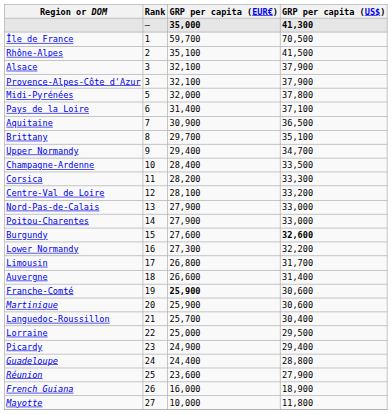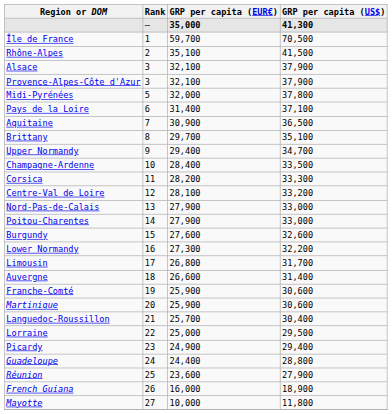 <table class="wikitable sortable">
 <tr align=center valign=middle>
 <th>Region or <em>DOM</em></th>
 <th data-sort-type="number">Rank</th>
 <th data-sort-type="number">GRP per capita (<a href='#'>EUR€</a>)</th>
 <th data-sort-type="number">GRP per capita (<a href='#'>US$</a>)</th>
 </tr>
 <tr style="background:#e6e6e6">
 <td align=left><strong></strong></td>
 <td>—</td>
 <td><strong>35,000</strong></td>
 <td><strong>41,300</strong></td>
 </tr>
 <tr>
 <td align=left> <a href='#'>Île de France</a></td>
 <td>1</td>
 <td>59,700</td>
 <td>70,500</td>
 </tr>
 <tr>
 <td align=left> <a href='#'>Rhône-Alpes</a></td>
 <td>2</td>
 <td>35,100</td>
 <td>41,500</td>
 </tr>
 <tr>
 <td align=left> <a href='#'>Alsace</a></td>
 <td>3</td>
 <td>32,100</td>
 <td>37,900</td>
 </tr>
 <tr>
 <td align=left> <a href='#'>Provence-Alpes-Côte d'Azur</a></td>
 <td>3</td>
 <td>32,100</td>
 <td>37,900</td>
 </tr>
 <tr>
 <td align=left> <a href='#'>Midi-Pyrénées</a></td>
 <td>5</td>
 <td>32,000</td>
 <td>37,800</td>
 </tr>
 <tr>
 <td align=left> <a href='#'>Pays de la Loire</a></td>
 <td>6</td>
 <td>31,400</td>
 <td>37,100</td>
 </tr>
 <tr>
 <td align=left> <a href='#'>Aquitaine</a></td>
 <td>7</td>
 <td>30,900</td>
 <td>36,500</td>
 </tr>
 <tr>
 <td align=left> <a href='#'>Brittany</a></td>
 <td>8</td>
 <td>29,700</td>
 <td>35,100</td>
 </tr>
 <tr>
 <td align=left> <a href='#'>Upper Normandy</a></td>
 <td>9</td>
 <td>29,400</td>
 <td>34,700</td>
 </tr>
 <tr>
 <td align=left> <a href='#'>Champagne-Ardenne</a></td>
 <td>10</td>
 <td>28,400</td>
 <td>33,500</td>
 </tr>
 <tr>
 <td align=left> <a href='#'>Corsica</a></td>
 <td>11</td>
 <td>28,200</td>
 <td>33,300</td>
 </tr>
 <tr>
 <td align=left> <a href='#'>Centre-Val de Loire</a></td>
 <td>12</td>
 <td>28,100</td>
 <td>33,200</td>
 </tr>
 <tr>
 <td align=left> <a href='#'>Nord-Pas-de-Calais</a></td>
 <td>13</td>
 <td>27,900</td>
 <td>33,000</td>
 </tr>
 <tr>
 <td align=left> <a href='#'>Poitou-Charentes</a></td>
 <td>14</td>
 <td>27,900</td>
 <td>33,000</td>
 </tr>
 <tr>
 <td align=left> <a href='#'>Burgundy</a></td>
 <td>15</td>
 <td>27,600</td>
-<td><strong>32,600</strong></td>
+<td>32,600</td>
 </tr>
 <tr>
 <td align=left> <a href='#'>Lower Normandy</a></td>
 <td>16</td>
 <td>27,300</td>
 <td>32,200</td>
 </tr>
 <tr>
 <td align=left> <a href='#'>Limousin</a></td>
 <td>17</td>
 <td>26,800</td>
 <td>31,700</td>
 </tr>
 <tr>
 <td align=left> <a href='#'>Auvergne</a></td>
 <td>18</td>
 <td>26,600</td>
 <td>31,400</td>
 </tr>
 <tr>
 <td align=left> <a href='#'>Franche-Comté</a></td>
 <td>19</td>
-<td><strong>25,900</strong></td>
+<td>25,900</td>
 <td>30,600</td>
 </tr>
 <tr>
 <td align=left> <em><a href='#'>Martinique</a></em></td>
 <td>20</td>
 <td>25,900</td>
 <td>30,600</td>
 </tr>
 <tr>
 <td align=left> <a href='#'>Languedoc-Roussillon</a></td>
 <td>21</td>
 <td>25,700</td>
 <td>30,400</td>
 </tr>
 <tr>
 <td align=left> <a href='#'>Lorraine</a></td>
 <td>22</td>
 <td>25,000</td>
 <td>29,500</td>
 </tr>
 <tr>
 <td align=left> <a href='#'>Picardy</a></td>
 <td>23</td>
 <td>24,900</td>
 <td>29,400</td>
 </tr>
 <tr>
 <td align=left> <em><a href='#'>Guadeloupe</a></em></td>
 <td>24</td>
 <td>24,400</td>
 <td>28,800</td>
 </tr>
 <tr>
 <td align=left> <em><a href='#'>Réunion</a></em></td>
 <td>25</td>
 <td>23,600</td>
 <td>27,900</td>
 </tr>
 <tr>
 <td align=left> <em><a href='#'>French Guiana</a></em></td>
 <td>26</td>
 <td>16,000</td>
 <td>18,900</td>
 </tr>
 <tr>
 <td align=left> <em><a href='#'>Mayotte</a></em></td>
 <td>27</td>
 <td>10,000</td>
 <td>11,800</td>
 </tr>
 <tr>
 </tr>
 </table>
